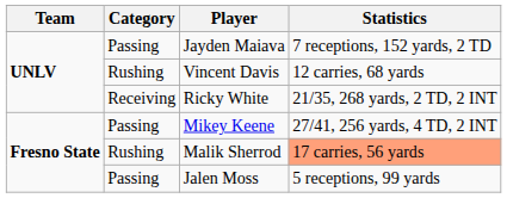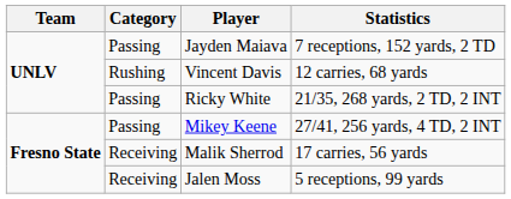 <table class="wikitable" style="float: right;">
 <tr>
 <th>Team</th>
 <th>Category</th>
 <th>Player</th>
 <th>Statistics</th>
 </tr>
 <tr>
 <td rowspan=3><strong>UNLV</strong></td>
 <td>Passing</td>
 <td>Jayden Maiava</td>
 <td>7 receptions, 152 yards, 2 TD</td>
 </tr>
 <tr>
 <td>Rushing</td>
 <td>Vincent Davis</td>
 <td>12 carries, 68 yards</td>
 </tr>
 <tr>
-<td>Receiving</td>
+<td>Passing</td>
 <td>Ricky White</td>
 <td>21/35, 268 yards, 2 TD, 2 INT</td>
 </tr>
 <tr>
 <td rowspan=3><strong>Fresno State</strong></td>
 <td>Passing</td>
 <td><a href='#'>Mikey Keene</a></td>
 <td>27/41, 256 yards, 4 TD, 2 INT</td>
 </tr>
 <tr>
-<td>Rushing</td>
+<td>Receiving</td>
 <td>Malik Sherrod</td>
-<td style="background: lightsalmon;">17 carries, 56 yards</td>
+<td>17 carries, 56 yards</td>
 </tr>
 <tr>
-<td>Passing</td>
+<td>Receiving</td>
 <td>Jalen Moss</td>
 <td>5 receptions, 99 yards</td>
 </tr>
 </table>
